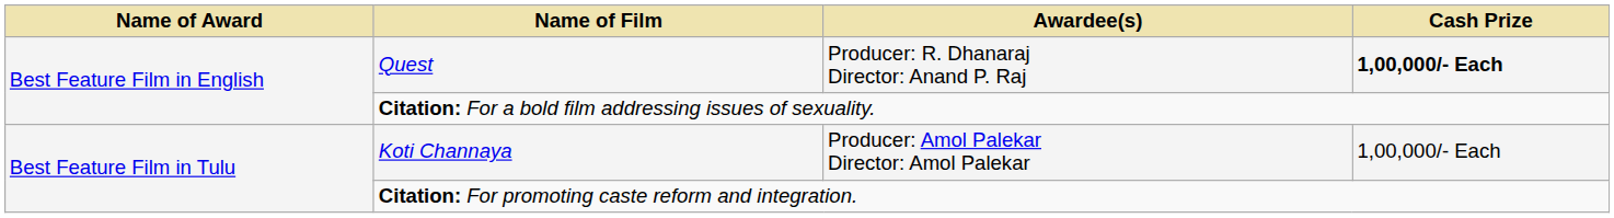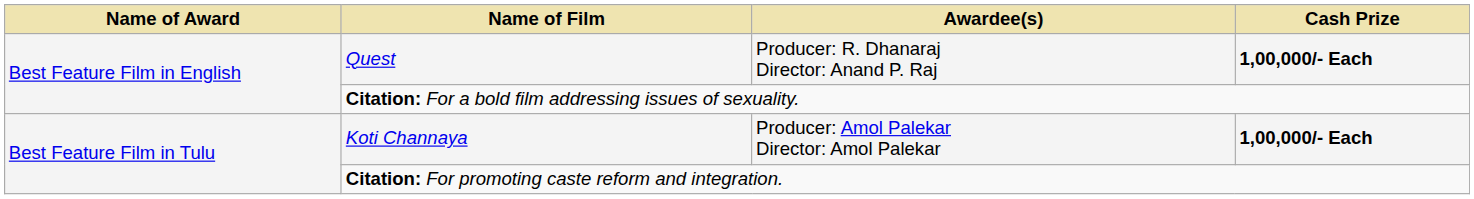 <table class="wikitable" style="width:100%">
 <tr>
 <th style="background-color:#EFE4B0;width:23%;">Name of Award</th>
 <th style="background-color:#EFE4B0;width:28%;">Name of Film</th>
 <th style="background-color:#EFE4B0;width:33%;">Awardee(s)</th>
 <th style="background-color:#EFE4B0;width:16%;">Cash Prize</th>
 </tr>
 <tr style="background-color:#F4F4F4">
 <td rowspan="2"><a href='#'>Best Feature Film in English</a></td>
 <td><em><a href='#'>Quest</a></em></td>
 <td>Producer: R. Dhanaraj<br>Director: Anand P. Raj</td>
 <td><strong> 1,00,000/- Each</strong></td>
 </tr>
 <tr style="background-color:#F9F9F9">
 <td colspan="3"><strong>Citation:</strong> <em>For a bold film addressing issues of sexuality.</em></td>
 </tr>
 <tr style="background-color:#F4F4F4">
 <td rowspan="2"><a href='#'>Best Feature Film in Tulu</a></td>
 <td><em><a href='#'>Koti Channaya</a></em></td>
 <td>Producer: <a href='#'>Amol Palekar</a><br>Director: Amol Palekar</td>
-<td> 1,00,000/- Each</td>
+<td><strong> 1,00,000/- Each</strong></td>
 </tr>
 <tr style="background-color:#F9F9F9">
 <td colspan="3"><strong>Citation:</strong> <em>For promoting caste reform and integration.</em></td>
 </tr>
 </table>
